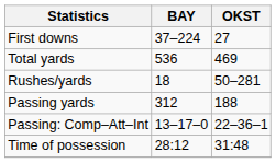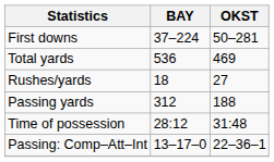 <table class="wikitable" style="float: left;">
 <tr>
 <th>Statistics</th>
 <th>BAY</th>
 <th>OKST</th>
 </tr>
 <tr>
 <td>First downs</td>
 <td>37–224</td>
-<td>27</td>
+<td>50–281</td>
 </tr>
 <tr>
 <td>Total yards</td>
 <td>536</td>
 <td>469</td>
 </tr>
 <tr>
 <td>Rushes/yards</td>
 <td>18</td>
-<td>50–281</td>
+<td>27</td>
 </tr>
 <tr>
 <td>Passing yards</td>
 <td>312</td>
 <td>188</td>
 </tr>
 <tr>
+<td>Time of possession</td>
+<td>28:12</td>
+<td>31:48</td>
+</tr>
+<tr>
 <td>Passing: Comp–Att–Int</td>
 <td>13–17–0</td>
 <td>22–36–1</td>
 </tr>
 <tr>
-<td>Time of possession</td>
-<td>28:12</td>
-<td>31:48</td>
-</tr>
-<tr>
 </tr>
 </table>
